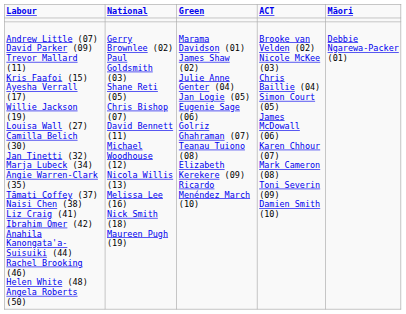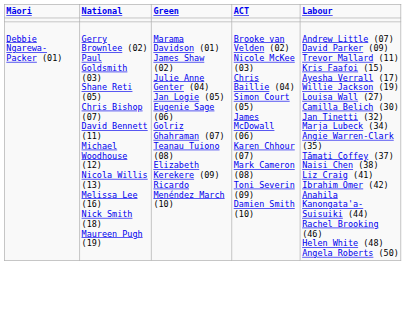 <table class="wikitable sortable">
 <tr>
-<td><strong><a href='#'>Labour</a></strong></td>
+<td><strong><a href='#'>Māori</a></strong></td>
 <td><strong><a href='#'>National</a></strong></td>
 <td><strong><a href='#'>Green</a></strong></td>
 <td><strong><a href='#'>ACT</a></strong></td>
-<td><strong><a href='#'>Māori</a></strong></td>
+<td><strong><a href='#'>Labour</a></strong></td>
 </tr>
 <tr>
 <td></td>
 <td></td>
 <td></td>
 <td></td>
 <td></td>
 </tr>
 <tr>
-<td valign=top><br><a href='#'>Andrew Little</a> (07)<br> <a href='#'>David Parker</a> (09)<br> <a href='#'>Trevor Mallard</a> (11)<br> <a href='#'>Kris Faafoi</a> (15)<br> <a href='#'>Ayesha Verrall</a> (17)<br> <a href='#'>Willie Jackson</a> (19)<br> <a href='#'>Louisa Wall</a> (27)<br> <a href='#'>Camilla Belich</a> (30)<br> <a href='#'>Jan Tinetti</a> (32) <br> <a href='#'>Marja Lubeck</a> (34) <br> <a href='#'>Angie Warren-Clark</a> (35) <br> <a href='#'>Tāmati Coffey</a> (37) <br> <a href='#'>Naisi Chen</a> (38) <br> <a href='#'>Liz Craig</a> (41) <br> <a href='#'>Ibrahim Omer</a> (42) <br> <a href='#'>Anahila Kanongata'a-Suisuiki</a> (44) <br> <a href='#'>Rachel Brooking</a> (46) <br> <a href='#'>Helen White</a> (48) <br> <a href='#'>Angela Roberts</a> (50)</td>
+<td valign=top><br><a href='#'>Debbie Ngarewa-Packer</a> (01)</td>
 <td valign=top><br><a href='#'>Gerry Brownlee</a> (02)<br> <a href='#'>Paul Goldsmith</a> (03)<br> <a href='#'>Shane Reti</a> (05)<br> <a href='#'>Chris Bishop</a> (07)<br> <a href='#'>David Bennett</a> (11)<br> <a href='#'>Michael Woodhouse</a> (12)<br> <a href='#'>Nicola Willis</a> (13)<br> <a href='#'>Melissa Lee</a> (16)<br> <a href='#'>Nick Smith</a> (18)<br> <a href='#'>Maureen Pugh</a> (19)</td>
 <td valign=top><br><a href='#'>Marama Davidson</a> (01)<br> <a href='#'>James Shaw</a> (02)<br> <a href='#'>Julie Anne Genter</a> (04)<br> <a href='#'>Jan Logie</a> (05)<br> <a href='#'>Eugenie Sage</a> (06)<br> <a href='#'>Golriz Ghahraman</a> (07)<br> <a href='#'>Teanau Tuiono</a> (08)<br> <a href='#'>Elizabeth Kerekere</a> (09)<br> <a href='#'>Ricardo Menéndez March</a> (10)</td>
 <td valign=top><br><a href='#'>Brooke van Velden</a> (02)<br> <a href='#'>Nicole McKee</a> (03)<br> <a href='#'>Chris Baillie</a> (04)<br> <a href='#'>Simon Court</a> (05)<br> <a href='#'>James McDowall</a> (06)<br> <a href='#'>Karen Chhour</a> (07)<br> <a href='#'>Mark Cameron</a> (08)<br> <a href='#'>Toni Severin</a> (09)<br> <a href='#'>Damien Smith</a> (10)</td>
-<td valign=top><br><a href='#'>Debbie Ngarewa-Packer</a> (01)</td>
+<td valign=top><br><a href='#'>Andrew Little</a> (07)<br> <a href='#'>David Parker</a> (09)<br> <a href='#'>Trevor Mallard</a> (11)<br> <a href='#'>Kris Faafoi</a> (15)<br> <a href='#'>Ayesha Verrall</a> (17)<br> <a href='#'>Willie Jackson</a> (19)<br> <a href='#'>Louisa Wall</a> (27)<br> <a href='#'>Camilla Belich</a> (30)<br> <a href='#'>Jan Tinetti</a> (32) <br> <a href='#'>Marja Lubeck</a> (34) <br> <a href='#'>Angie Warren-Clark</a> (35) <br> <a href='#'>Tāmati Coffey</a> (37) <br> <a href='#'>Naisi Chen</a> (38) <br> <a href='#'>Liz Craig</a> (41) <br> <a href='#'>Ibrahim Omer</a> (42) <br> <a href='#'>Anahila Kanongata'a-Suisuiki</a> (44) <br> <a href='#'>Rachel Brooking</a> (46) <br> <a href='#'>Helen White</a> (48) <br> <a href='#'>Angela Roberts</a> (50)</td>
 </tr>
 </table>
